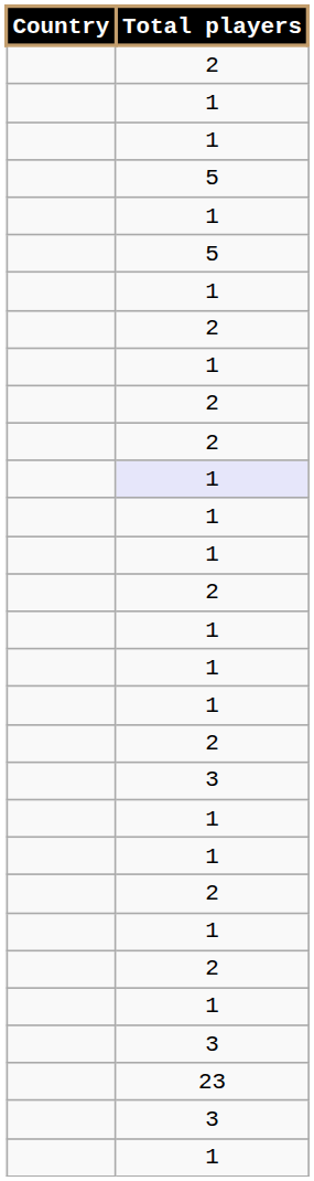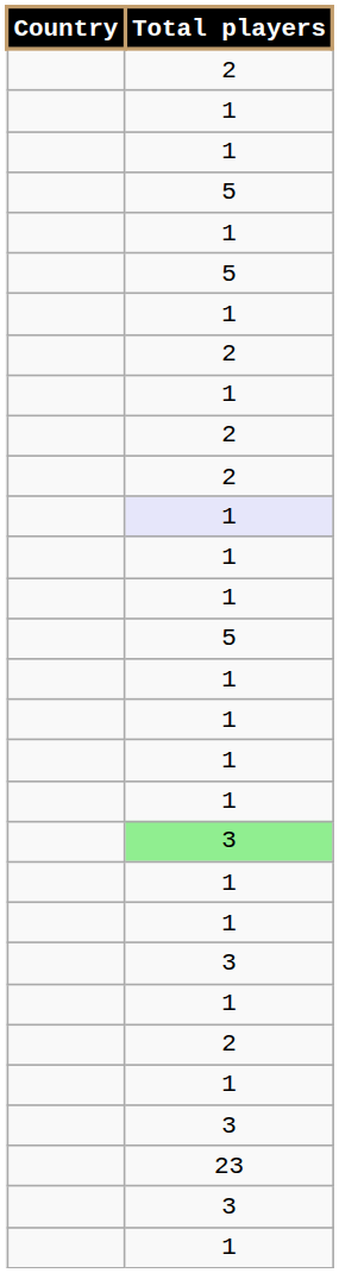 <table class="wikitable sortable" style="text-align:center">
 <tr>
 <th style="background:#000000; color:#FFFFFF; border:2px solid #C39E6D;" scope="col">Country</th>
 <th style="background:#000000; color:#FFFFFF; border:2px solid #C39E6D;" scope="col">Total players</th>
 </tr>
 <tr>
 <td align="left"></td>
 <td>2</td>
 </tr>
 <tr>
 <td align="left"></td>
 <td>1</td>
 </tr>
 <tr>
 <td align="left"></td>
 <td>1</td>
 </tr>
 <tr>
 <td align="left"></td>
 <td>5</td>
 </tr>
 <tr>
 <td align="left"></td>
 <td>1</td>
 </tr>
 <tr>
 <td align="left"></td>
 <td>5</td>
 </tr>
 <tr>
 <td align="left"></td>
 <td>1</td>
 </tr>
 <tr>
 <td align="left"></td>
 <td>2</td>
 </tr>
 <tr>
 <td align="left"></td>
 <td>1</td>
 </tr>
 <tr>
 <td align="left"></td>
 <td>2</td>
 </tr>
 <tr>
 <td align="left"></td>
 <td>2</td>
 </tr>
 <tr>
 <td align="left"></td>
 <td style="background: lavender;">1</td>
 </tr>
 <tr>
 <td align="left"></td>
 <td>1</td>
 </tr>
 <tr>
 <td align="left"></td>
 <td>1</td>
 </tr>
 <tr>
 <td align="left"></td>
-<td>2</td>
+<td>5</td>
 </tr>
 <tr>
 <td align="left"></td>
 <td>1</td>
 </tr>
 <tr>
 <td align="left"></td>
 <td>1</td>
 </tr>
 <tr>
 <td align="left"></td>
 <td>1</td>
 </tr>
 <tr>
 <td align="left"></td>
-<td>2</td>
+<td>1</td>
 </tr>
 <tr>
 <td align="left"></td>
-<td>3</td>
+<td style="background: lightgreen;">3</td>
 </tr>
 <tr>
 <td align="left"></td>
 <td>1</td>
 </tr>
 <tr>
 <td align="left"></td>
 <td>1</td>
 </tr>
 <tr>
 <td align="left"></td>
-<td>2</td>
+<td>3</td>
 </tr>
 <tr>
 <td align="left"></td>
 <td>1</td>
 </tr>
 <tr>
 <td align="left"></td>
 <td>2</td>
 </tr>
 <tr>
 <td align="left"></td>
 <td>1</td>
 </tr>
 <tr>
 <td align="left"></td>
 <td>3</td>
 </tr>
 <tr>
 <td align="left"></td>
 <td>23</td>
 </tr>
 <tr>
 <td align="left"></td>
 <td>3</td>
 </tr>
 <tr>
 <td align="left"></td>
 <td>1</td>
 </tr>
 </table>
